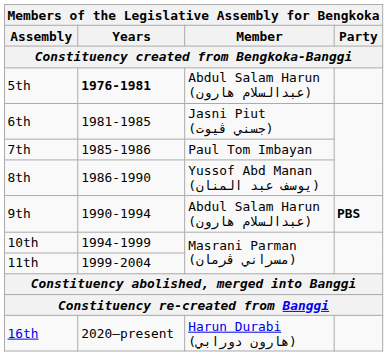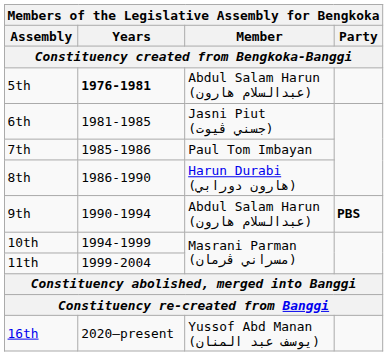 <table class=wikitable>
 <tr>
 <th colspan="4">Members of the Legislative Assembly for Bengkoka</th>
 </tr>
 <tr>
 <th>Assembly</th>
 <th>Years</th>
 <th>Member</th>
 <th>Party</th>
 </tr>
 <tr>
 <th colspan="4"><em>Constituency created from Bengkoka-Banggi</em></th>
 </tr>
 <tr>
 <td>5th</td>
 <td><strong>1976-1981</strong></td>
 <td>Abdul Salam Harun <br> (عبدالسلام هارون)</td>
 <td></td>
 </tr>
 <tr>
 <td>6th</td>
 <td>1981-1985</td>
 <td>Jasni Piut <br>  (جسني ڤيوت)</td>
 <td rowspan="3"></td>
 </tr>
 <tr>
 <td>7th</td>
 <td>1985-1986</td>
 <td>Paul Tom Imbayan</td>
 </tr>
 <tr>
 <td>8th</td>
 <td>1986-1990</td>
-<td>Yussof Abd Manan <br> (يوسف عبد المنان)</td>
+<td><a href='#'>Harun Durabi</a><br>  (هارون دورابي)</td>
 </tr>
 <tr>
 <td>9th</td>
 <td>1990-1994</td>
 <td>Abdul Salam Harun <br> (عبدالسلام هارون)</td>
 <td><strong>PBS</strong></td>
 </tr>
 <tr>
 <td>10th</td>
 <td>1994-1999</td>
 <td rowspan="2">Masrani Parman <br>  (مسراني ڤرمان)</td>
 <td rowspan="2"></td>
 </tr>
 <tr>
 <td>11th</td>
 <td>1999-2004</td>
 </tr>
 <tr>
 <th colspan="4"><em>Constituency abolished, merged into Banggi</em></th>
 </tr>
 <tr>
 <th colspan="4" align="center"><em>Constituency re-created from <a href='#'>Banggi</a></em></th>
 </tr>
 <tr>
 <td><a href='#'>16th</a></td>
 <td>2020–present</td>
-<td><a href='#'>Harun Durabi</a><br>  (هارون دورابي)</td>
+<td>Yussof Abd Manan <br> (يوسف عبد المنان)</td>
 <td></td>
 </tr>
 </table>
